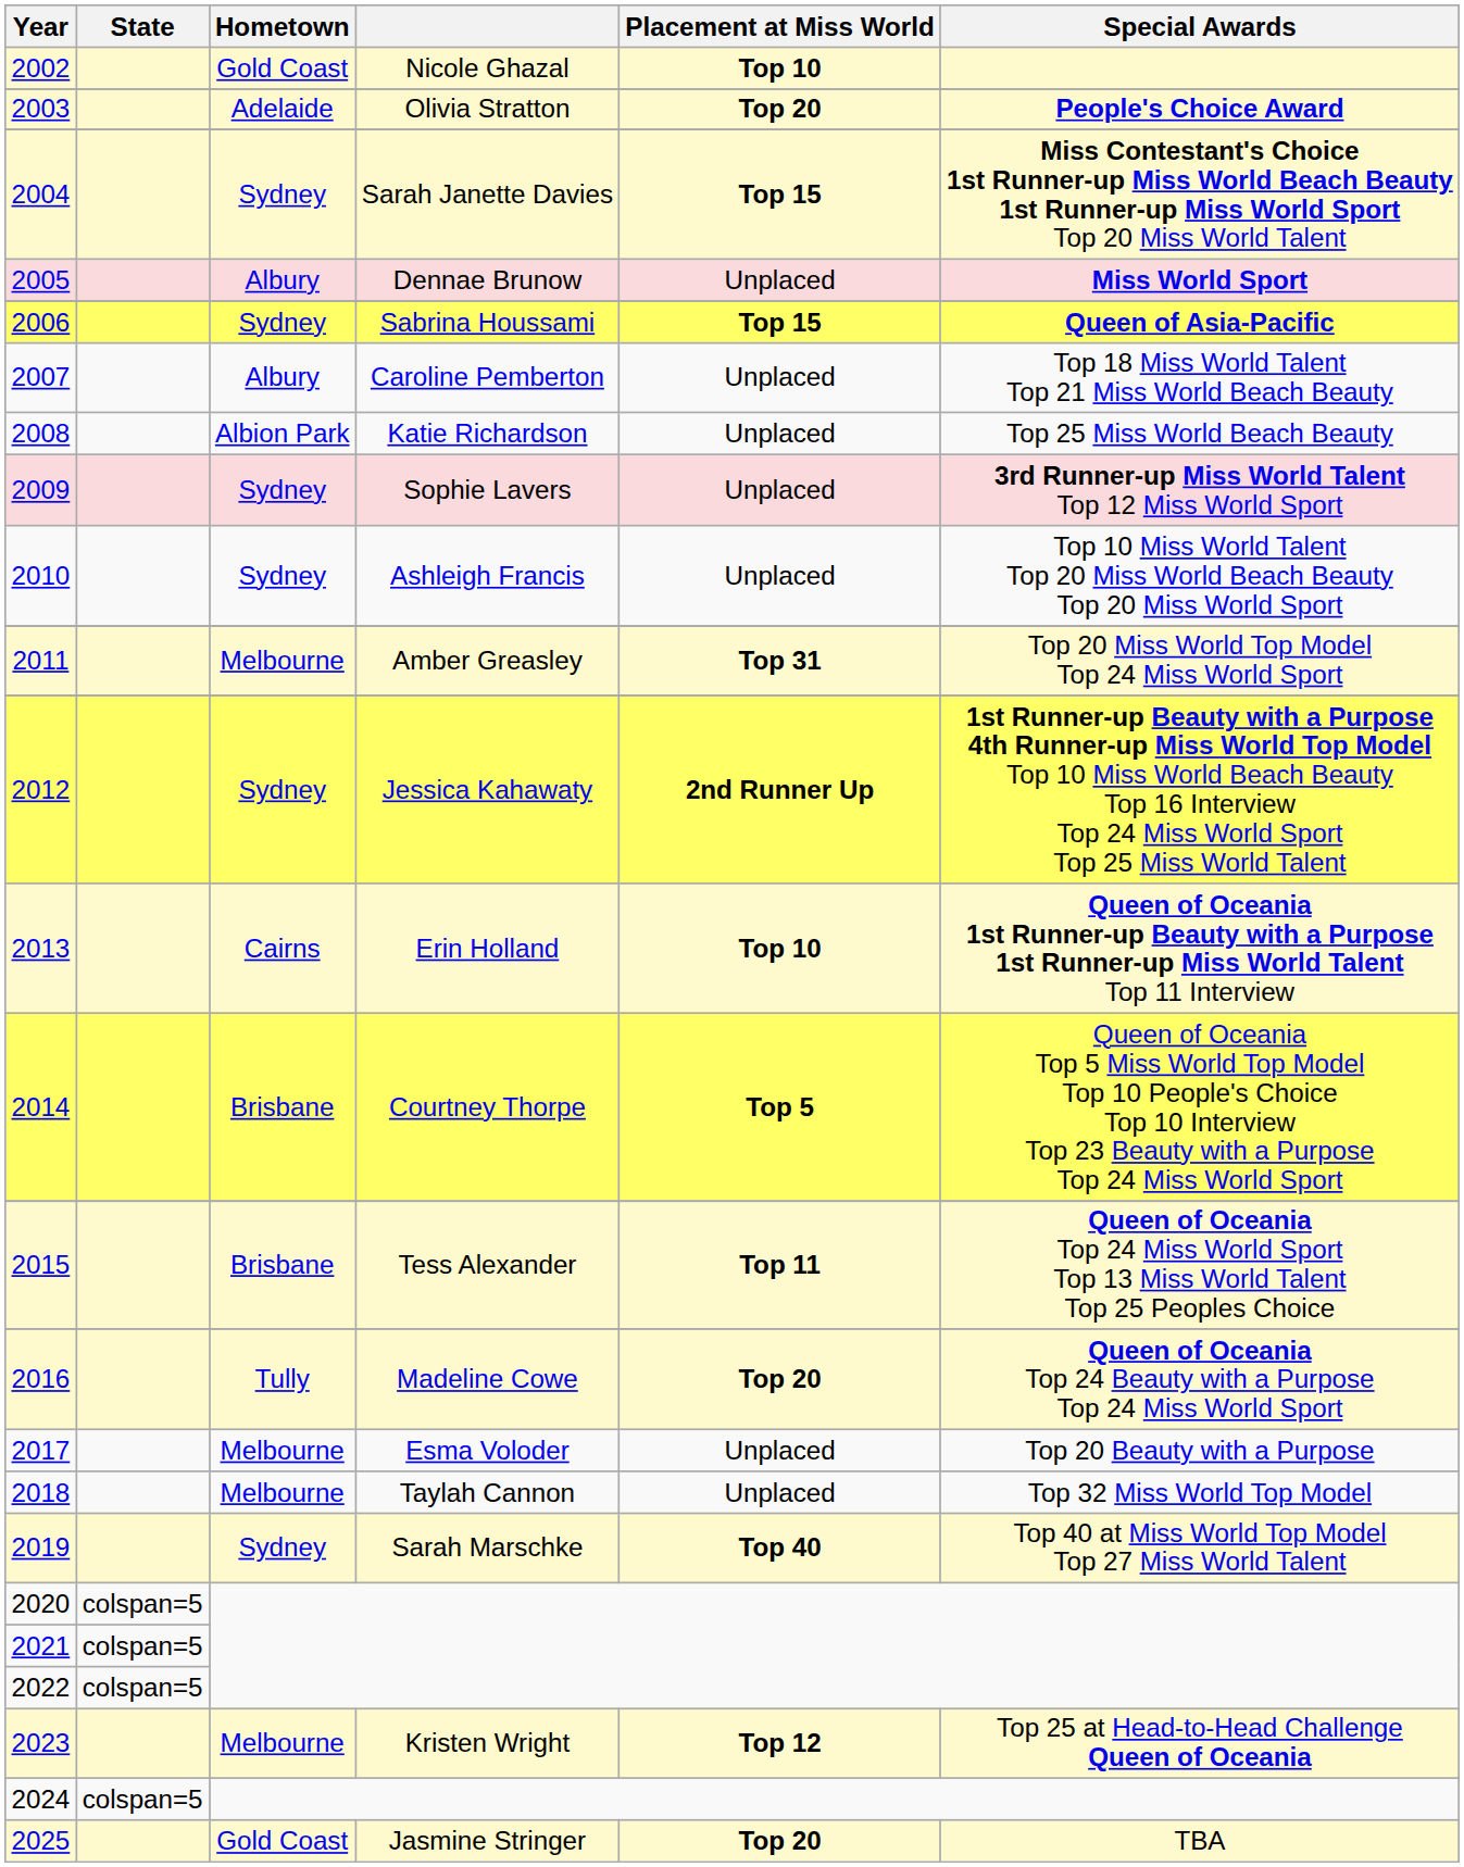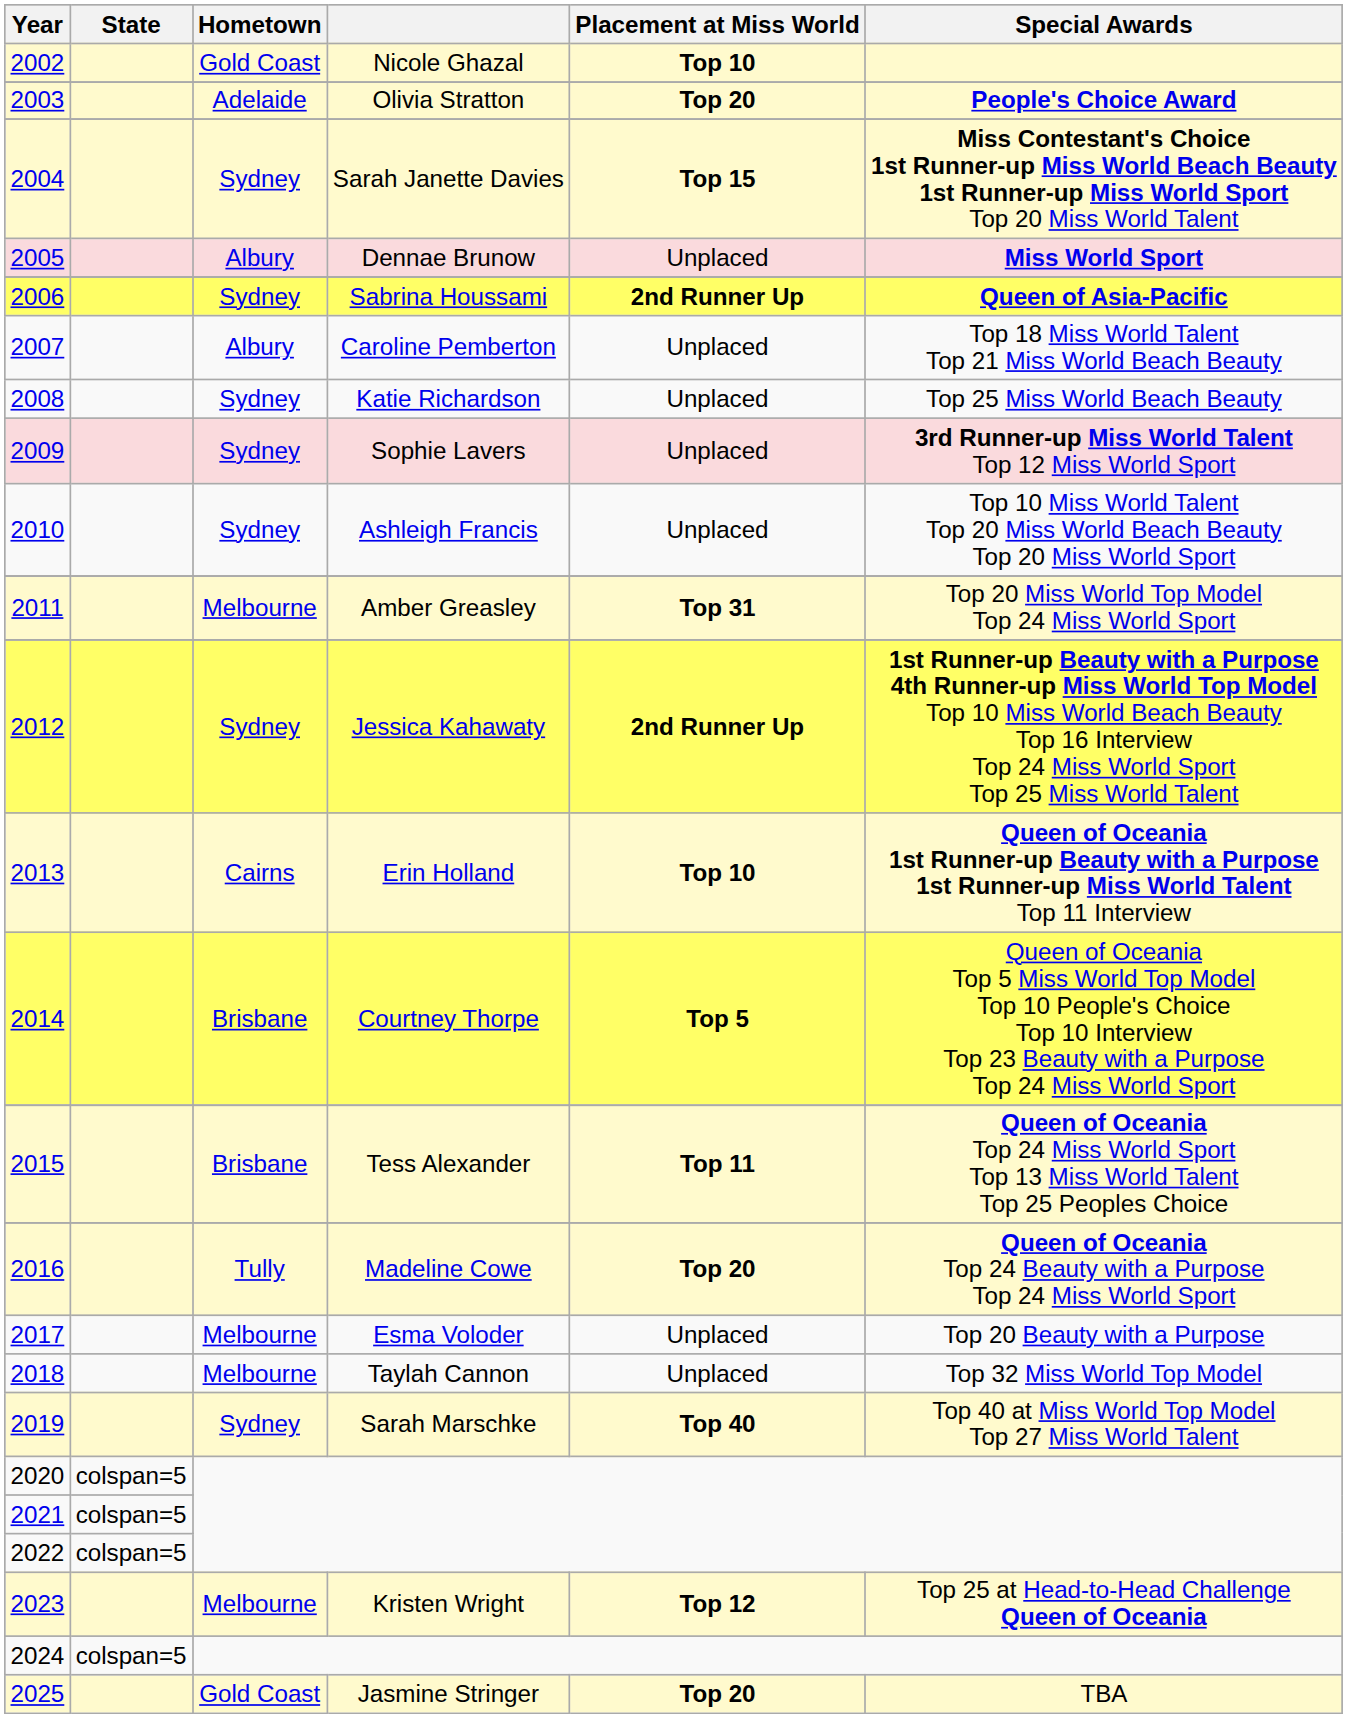 <table class="wikitable " style="font-size: 90%; text-align:center;">
 <tr>
 <th>Year</th>
 <th>State</th>
 <th>Hometown</th>
 <th></th>
 <th>Placement at Miss World</th>
 <th>Special Awards</th>
 </tr>
 <tr style="background-color:#FFFACD;">
 <td><a href='#'>2002</a></td>
 <td></td>
 <td><a href='#'>Gold Coast</a></td>
 <td>Nicole Ghazal</td>
 <td><strong>Top 10</strong></td>
 <td></td>
 </tr>
 <tr>
 </tr>
 <tr style="background-color:#FFFACD;">
 <td><a href='#'>2003</a></td>
 <td></td>
 <td><a href='#'>Adelaide</a></td>
 <td>Olivia Stratton</td>
 <td><strong>Top 20</strong></td>
 <td><a href='#'><strong>People's Choice Award</strong></a></td>
 </tr>
 <tr>
 </tr>
 <tr style="background-color:#FFFACD;">
 <td><a href='#'>2004</a></td>
 <td></td>
 <td><a href='#'>Sydney</a></td>
 <td>Sarah Janette Davies</td>
 <td><strong>Top 15</strong></td>
 <td><strong>Miss Contestant's Choice<br>1st Runner-up <a href='#'>Miss World Beach Beauty</a><br>1st Runner-up <a href='#'>Miss World Sport</a></strong><br>Top 20 <a href='#'>Miss World Talent</a></td>
 </tr>
 <tr style="background-color:#FADADD; ">
 <td><a href='#'>2005</a></td>
 <td></td>
 <td><a href='#'>Albury</a></td>
 <td>Dennae Brunow</td>
 <td>Unplaced</td>
 <td><strong><a href='#'>Miss World Sport</a></strong></td>
 </tr>
 <tr>
 </tr>
 <tr style="background-color:#FFFF66;">
 <td><a href='#'>2006</a></td>
 <td></td>
 <td><a href='#'>Sydney</a></td>
 <td><a href='#'>Sabrina Houssami</a></td>
-<td><strong>Top 15</strong></td>
+<td><strong>2nd Runner Up</strong></td>
 <td><a href='#'><strong>Queen of Asia-Pacific</strong></a></td>
 </tr>
 <tr>
 <td><a href='#'>2007</a></td>
 <td></td>
 <td><a href='#'>Albury</a></td>
 <td><a href='#'>Caroline Pemberton</a></td>
 <td>Unplaced</td>
 <td>Top 18 <a href='#'>Miss World Talent</a><br>Top 21 <a href='#'>Miss World Beach Beauty</a></td>
 </tr>
 <tr>
 <td><a href='#'>2008</a></td>
 <td></td>
-<td><a href='#'>Albion Park</a></td>
+<td><a href='#'>Sydney</a></td>
 <td><a href='#'>Katie Richardson</a></td>
 <td>Unplaced</td>
 <td>Top 25 <a href='#'>Miss World Beach Beauty</a></td>
 </tr>
 <tr style="background-color:#FADADD; ">
 <td><a href='#'>2009</a></td>
 <td></td>
 <td><a href='#'>Sydney</a></td>
 <td>Sophie Lavers</td>
 <td>Unplaced</td>
 <td><strong>3rd Runner-up <a href='#'>Miss World Talent</a></strong><br>Top 12 <a href='#'>Miss World Sport</a></td>
 </tr>
 <tr>
 <td><a href='#'>2010</a></td>
 <td></td>
 <td><a href='#'>Sydney</a></td>
 <td><a href='#'>Ashleigh Francis</a></td>
 <td>Unplaced</td>
 <td>Top 10 <a href='#'>Miss World Talent</a><br>Top 20 <a href='#'>Miss World Beach Beauty</a><br>Top 20 <a href='#'>Miss World Sport</a></td>
 </tr>
 <tr>
 </tr>
 <tr style="background-color:#FFFACD;">
 <td><a href='#'>2011</a></td>
 <td></td>
 <td><a href='#'>Melbourne</a></td>
 <td>Amber Greasley</td>
 <td><strong>Top 31</strong></td>
 <td>Top 20 <a href='#'>Miss World Top Model</a><br>Top 24 <a href='#'>Miss World Sport</a></td>
 </tr>
 <tr>
 </tr>
 <tr style="background-color:#FFFF66;">
 <td><a href='#'>2012</a></td>
 <td></td>
 <td><a href='#'>Sydney</a></td>
 <td><a href='#'>Jessica Kahawaty</a></td>
 <td><strong>2nd Runner Up</strong></td>
 <td><strong>1st Runner-up <a href='#'>Beauty with a Purpose</a><br>4th Runner-up <a href='#'>Miss World Top Model</a></strong><br>Top 10 <a href='#'>Miss World Beach Beauty</a><br>Top 16 Interview<br>Top 24 <a href='#'>Miss World Sport</a><br>Top 25 <a href='#'>Miss World Talent</a></td>
 </tr>
 <tr style="background-color:#FFFACD;">
 <td><a href='#'>2013</a></td>
 <td></td>
 <td><a href='#'>Cairns</a></td>
 <td><a href='#'>Erin Holland</a></td>
 <td><strong>Top 10</strong></td>
 <td><strong><a href='#'>Queen of Oceania</a><br>1st Runner-up <a href='#'>Beauty with a Purpose</a><br>1st Runner-up <a href='#'>Miss World Talent</a></strong><br>Top 11 Interview</td>
 </tr>
 <tr style="background-color:#FFFF66;">
 <td><a href='#'>2014</a></td>
 <td></td>
 <td><a href='#'>Brisbane</a></td>
 <td><a href='#'>Courtney Thorpe</a></td>
 <td><strong>Top 5</strong></td>
 <td><a href='#'>Queen of Oceania</a><br>Top 5 <a href='#'>Miss World Top Model</a><br>Top 10 People's Choice<br>Top 10 Interview<br>Top 23 <a href='#'>Beauty with a Purpose</a><br>Top 24 <a href='#'>Miss World Sport</a></td>
 </tr>
 <tr>
 </tr>
 <tr style="background-color:#FFFACD;">
 <td><a href='#'>2015</a></td>
 <td></td>
 <td><a href='#'>Brisbane</a></td>
 <td>Tess Alexander</td>
 <td><strong>Top 11</strong></td>
 <td><a href='#'><strong>Queen of Oceania</strong></a><br>Top 24 <a href='#'>Miss World Sport</a><br>Top 13 <a href='#'>Miss World Talent</a><br>Top 25 Peoples Choice</td>
 </tr>
 <tr>
 </tr>
 <tr style="background-color:#FFFACD;">
 <td><a href='#'>2016</a></td>
 <td></td>
 <td><a href='#'>Tully</a></td>
 <td><a href='#'>Madeline Cowe</a></td>
 <td><strong>Top 20</strong></td>
 <td><a href='#'><strong>Queen of Oceania</strong></a><br>Top 24 <a href='#'>Beauty with a Purpose</a><br>Top 24 <a href='#'>Miss World Sport</a></td>
 </tr>
 <tr>
 <td><a href='#'>2017</a></td>
 <td></td>
 <td><a href='#'>Melbourne</a></td>
 <td><a href='#'>Esma Voloder</a></td>
 <td>Unplaced</td>
 <td>Top 20 <a href='#'>Beauty with a Purpose</a></td>
 </tr>
 <tr>
 <td><a href='#'>2018</a></td>
 <td></td>
 <td><a href='#'>Melbourne</a></td>
 <td>Taylah Cannon</td>
 <td>Unplaced</td>
 <td>Top 32 <a href='#'>Miss World Top Model</a></td>
 </tr>
 <tr style="background-color:#FFFACD;">
 <td><a href='#'>2019</a></td>
 <td></td>
 <td><a href='#'>Sydney</a></td>
 <td>Sarah Marschke</td>
 <td><strong>Top 40</strong></td>
 <td>Top 40 at <a href='#'>Miss World Top Model</a><br>Top 27 <a href='#'>Miss World Talent</a></td>
 </tr>
 <tr>
 <td>2020</td>
 <td>colspan=5 </td>
 </tr>
 <tr>
 <td><a href='#'>2021</a></td>
 <td>colspan=5 </td>
 </tr>
 <tr>
 <td>2022</td>
 <td>colspan=5 </td>
 </tr>
 <tr style="background-color:#FFFACD;">
 <td><a href='#'>2023</a></td>
 <td></td>
 <td><a href='#'>Melbourne</a></td>
 <td>Kristen Wright</td>
 <td><strong>Top 12</strong></td>
 <td>Top 25 at <a href='#'>Head-to-Head Challenge</a><br><strong><a href='#'>Queen of Oceania</a></strong></td>
 </tr>
 <tr>
 <td>2024</td>
 <td>colspan=5 </td>
 </tr>
 <tr style="background-color:#FFFACD;">
 <td><a href='#'>2025</a></td>
 <td></td>
 <td><a href='#'>Gold Coast</a></td>
 <td>Jasmine Stringer</td>
 <td><strong>Top 20</strong></td>
 <td>TBA</td>
 </tr>
 </table>
